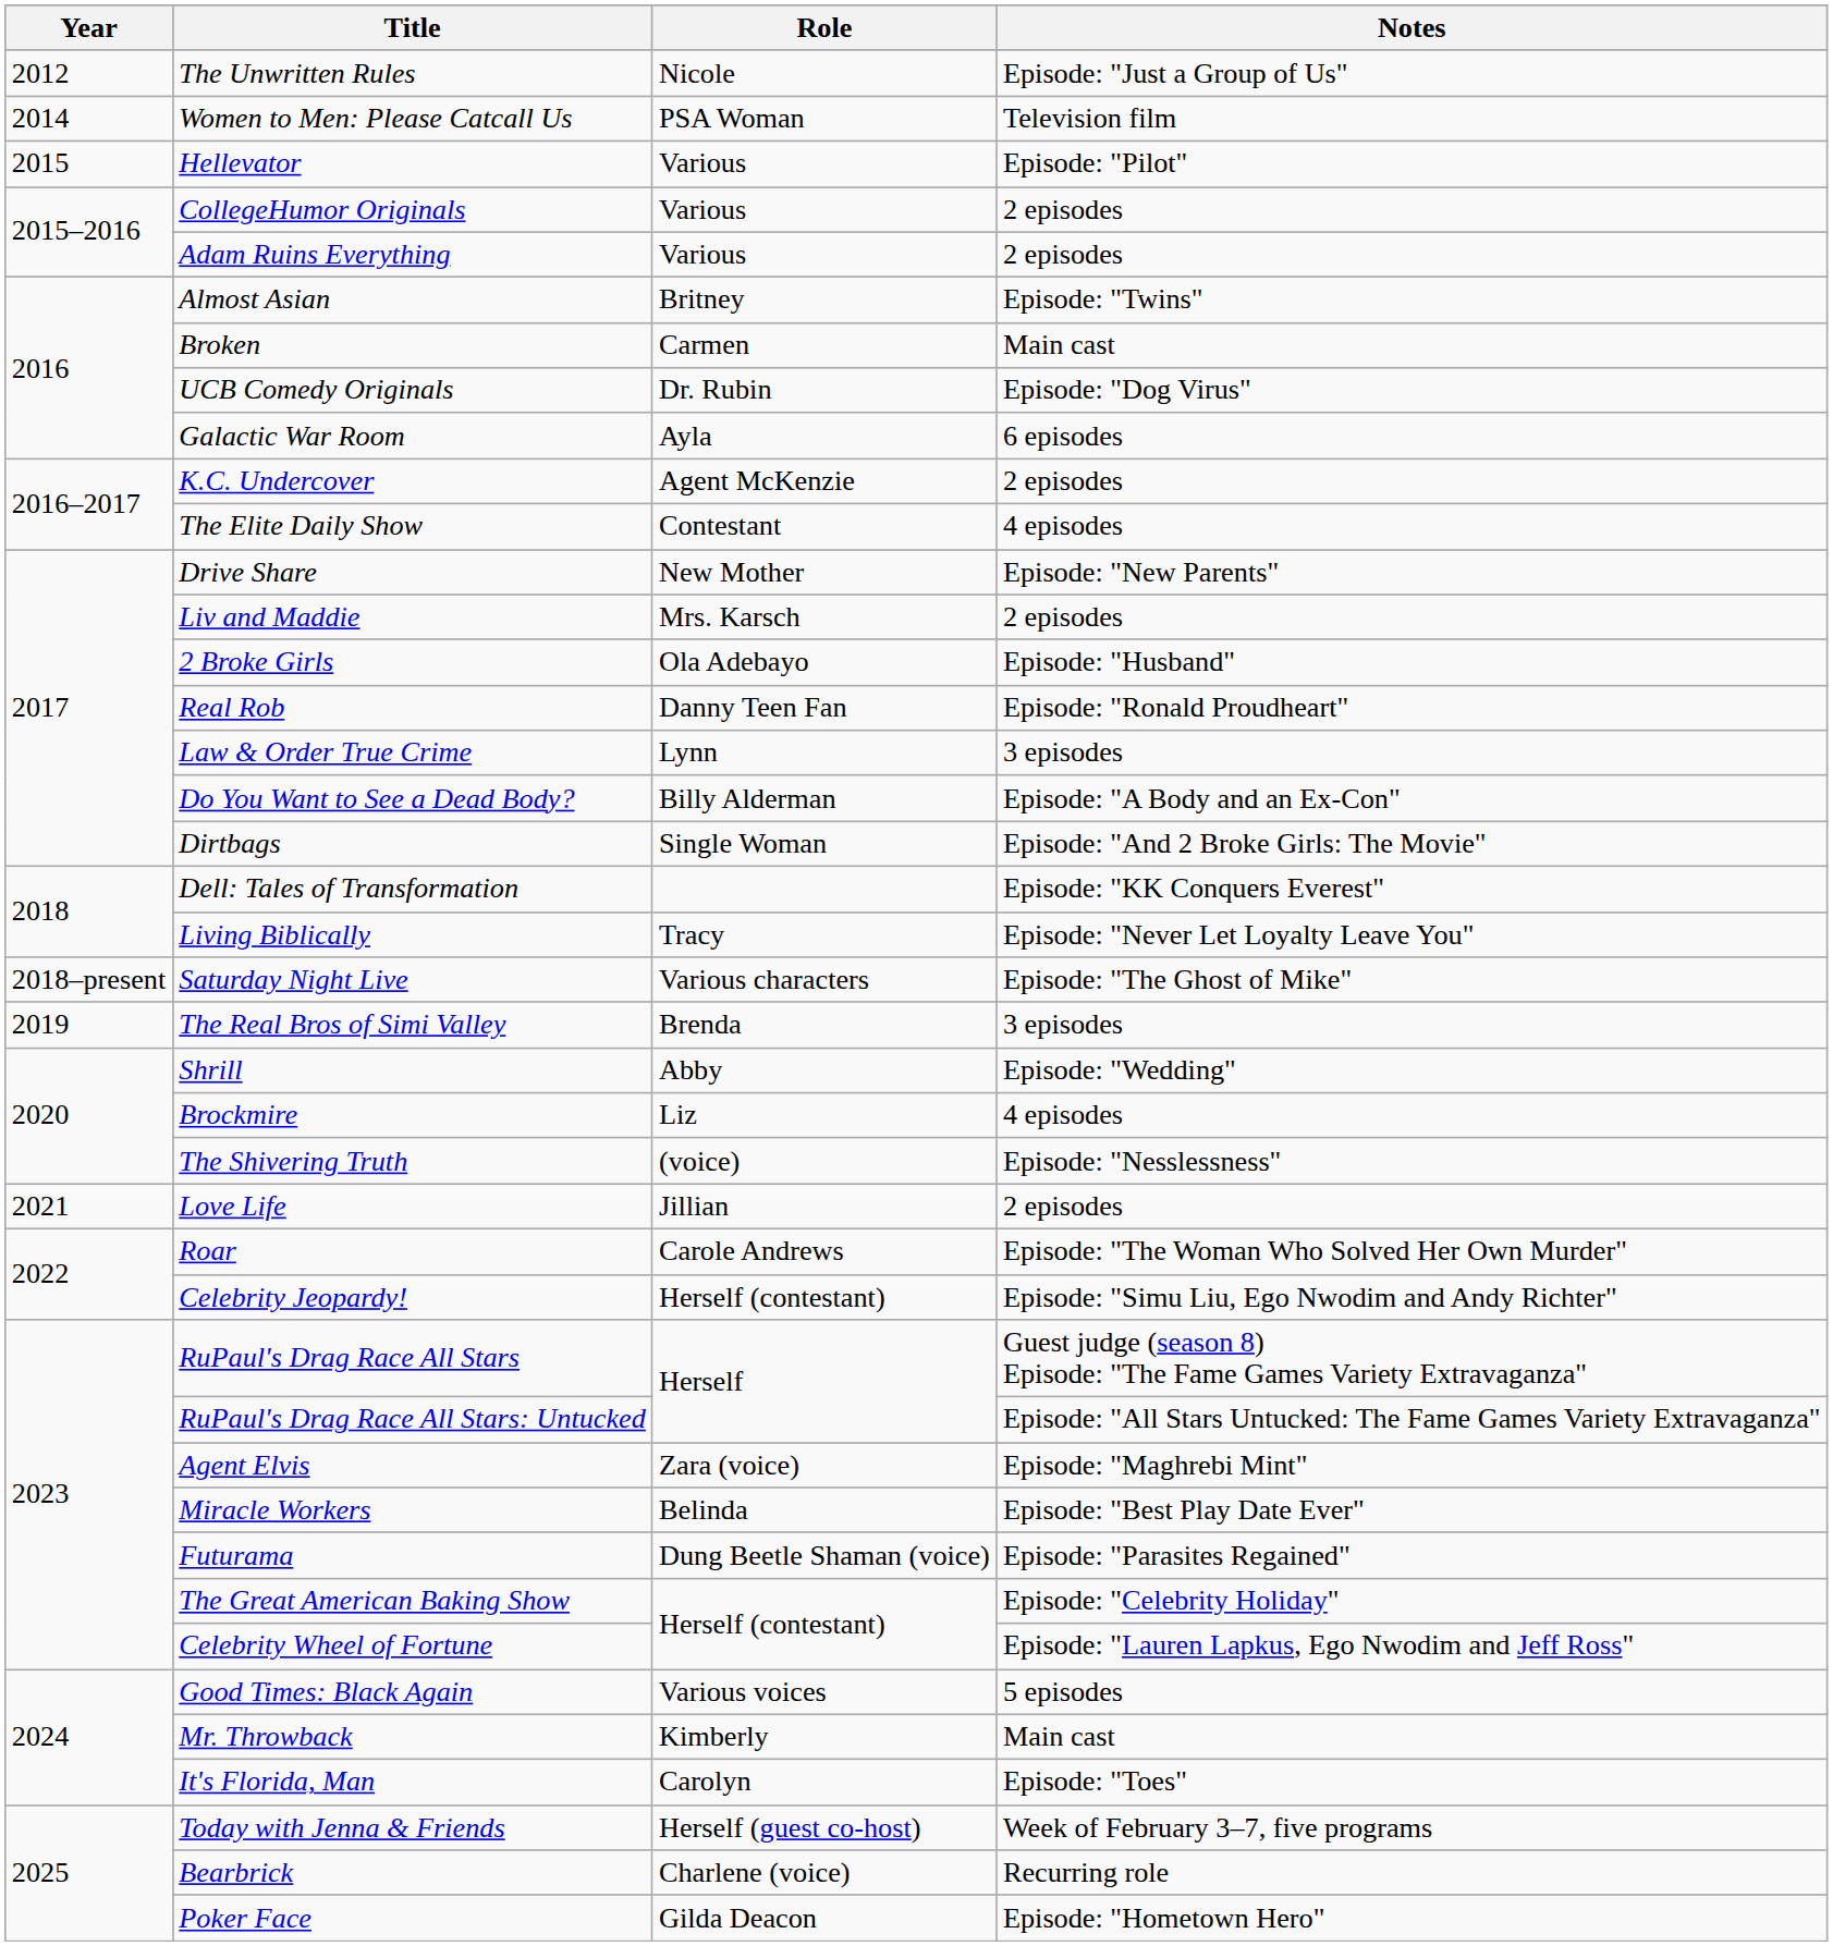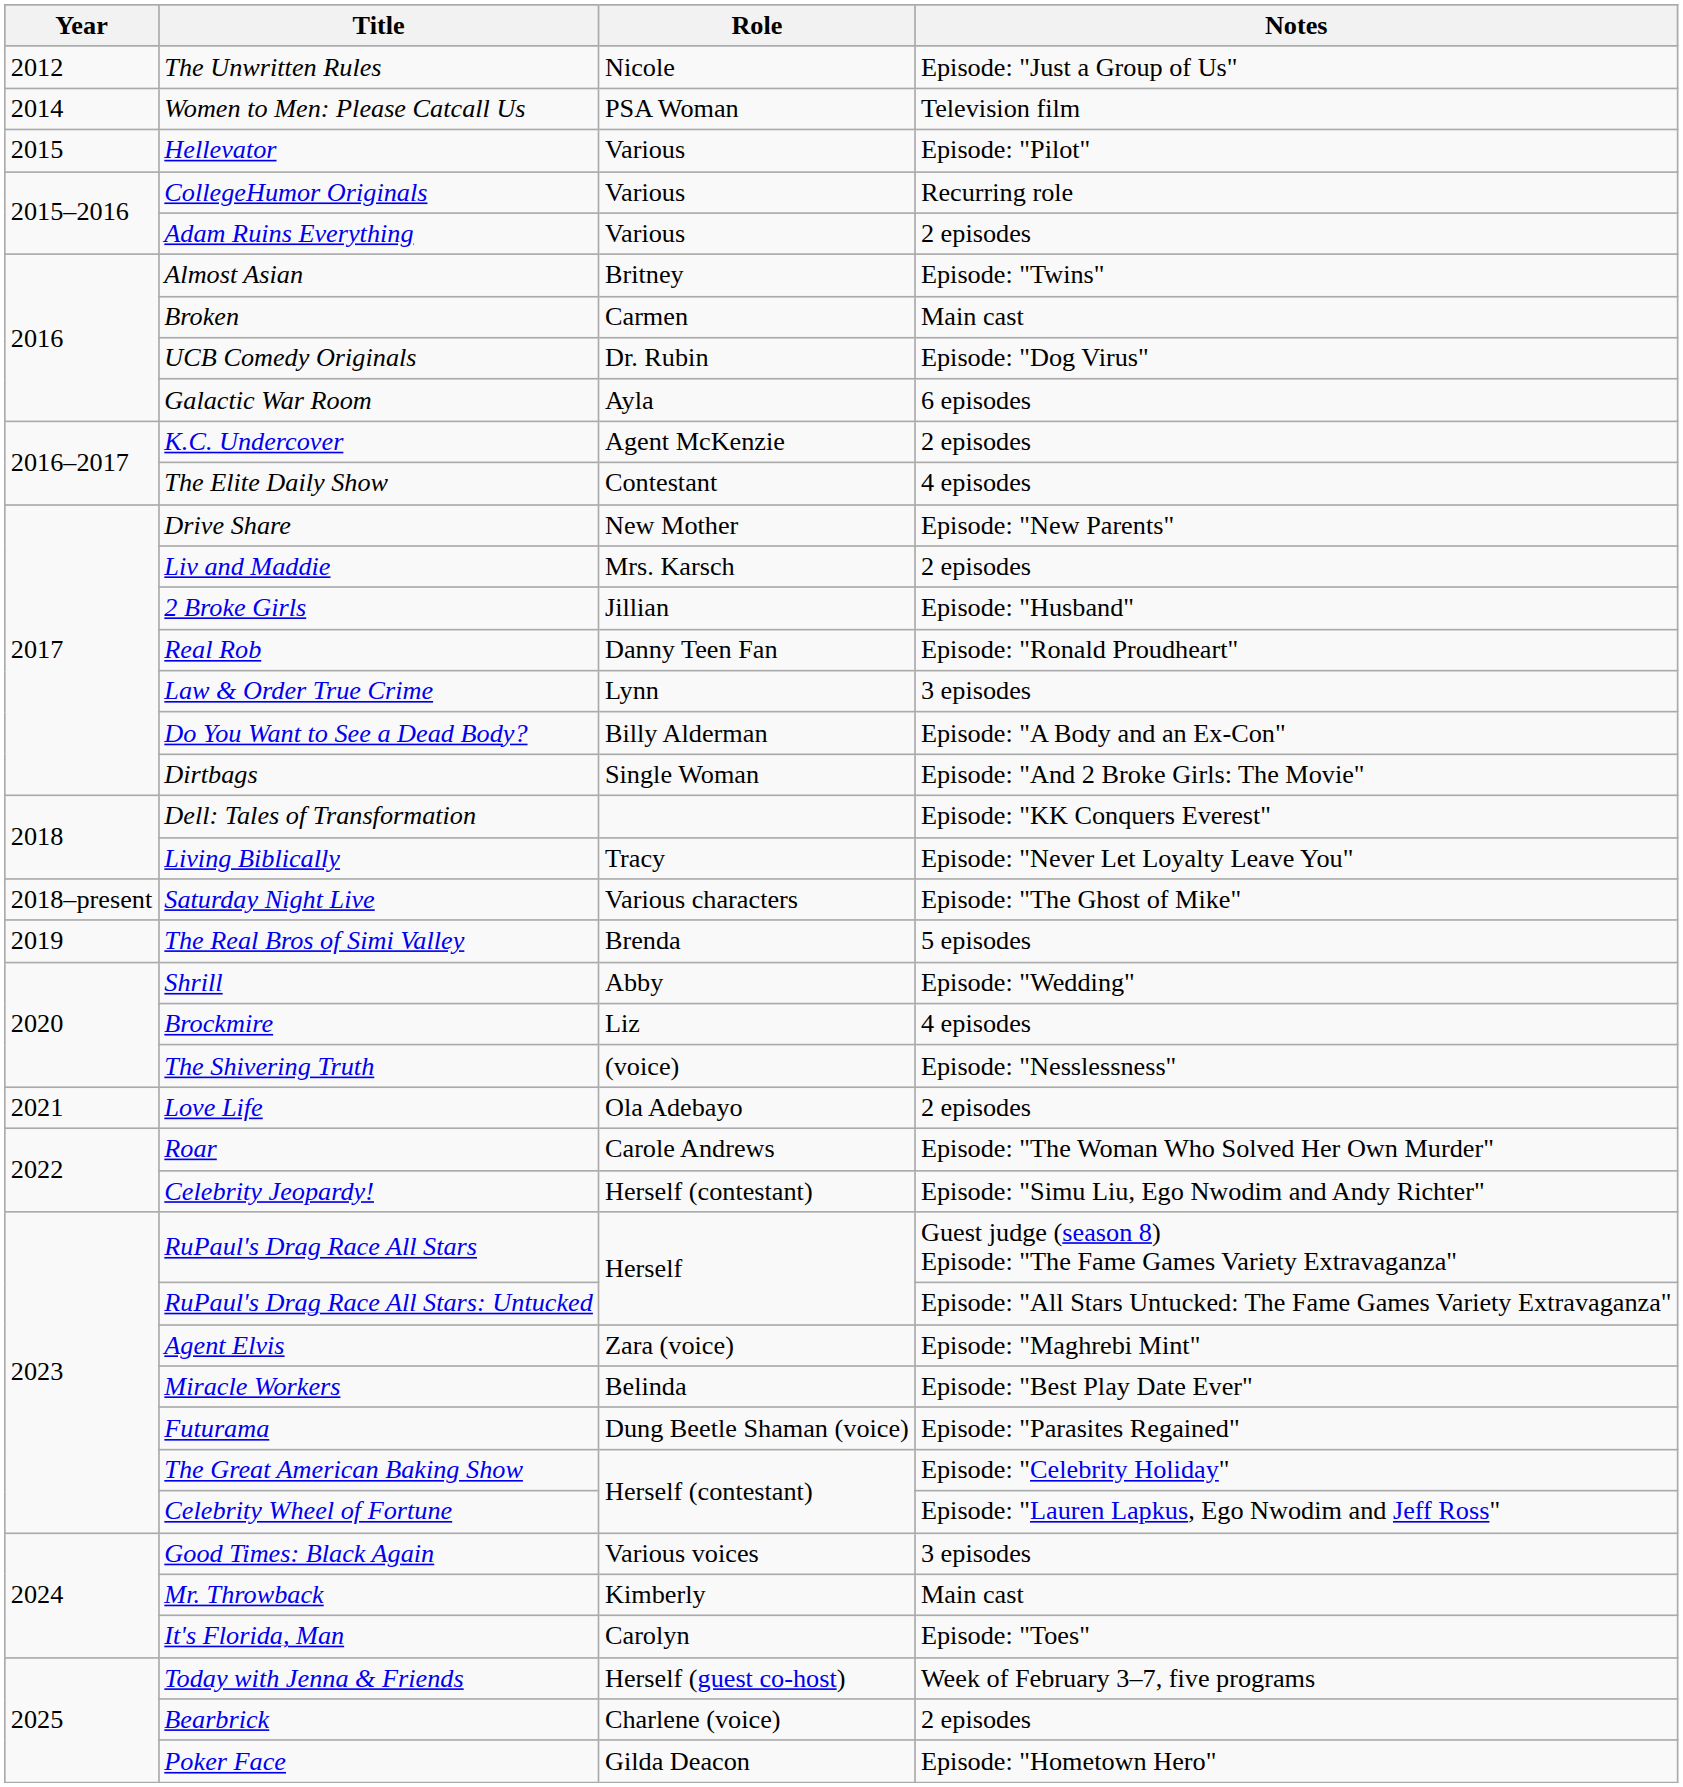 <table class="wikitable">
 <tr style="background:#b0c4de; text-align:center;">
 <th scope="col">Year</th>
 <th scope="col">Title</th>
 <th scope="col">Role</th>
 <th scope="col">Notes</th>
 </tr>
 <tr>
 <td>2012</td>
 <td scope="row"><em>The Unwritten Rules</em></td>
 <td>Nicole</td>
 <td>Episode: "Just a Group of Us"</td>
 </tr>
 <tr>
 <td>2014</td>
 <td scope="row"><em>Women to Men: Please Catcall Us</em></td>
 <td>PSA Woman</td>
 <td>Television film</td>
 </tr>
 <tr>
 <td>2015</td>
 <td scope="row"><em><a href='#'>Hellevator</a></em></td>
 <td>Various</td>
 <td>Episode: "Pilot"</td>
 </tr>
 <tr>
 <td rowspan="2">2015–2016</td>
 <td scope="row"><em><a href='#'>CollegeHumor Originals</a></em></td>
 <td>Various</td>
-<td>2 episodes</td>
+<td>Recurring role</td>
 </tr>
 <tr>
 <td><em><a href='#'>Adam Ruins Everything</a></em></td>
 <td scope="row">Various</td>
 <td>2 episodes</td>
 </tr>
 <tr>
 <td rowspan="4">2016</td>
 <td scope="row"><em>Almost Asian</em></td>
 <td>Britney</td>
 <td>Episode: "Twins"</td>
 </tr>
 <tr>
 <td><em>Broken</em></td>
 <td scope="row">Carmen</td>
 <td>Main cast</td>
 </tr>
 <tr>
 <td scope="row"><em>UCB Comedy Originals</em></td>
 <td>Dr. Rubin</td>
 <td>Episode: "Dog Virus"</td>
 </tr>
 <tr>
 <td scope="row"><em>Galactic War Room</em></td>
 <td>Ayla</td>
 <td>6 episodes</td>
 </tr>
 <tr>
 <td rowspan="2">2016–2017</td>
 <td scope="row"><em><a href='#'>K.C. Undercover</a></em></td>
 <td>Agent McKenzie</td>
 <td>2 episodes</td>
 </tr>
 <tr>
 <td scope="row"><em>The Elite Daily Show</em></td>
 <td>Contestant</td>
 <td>4 episodes</td>
 </tr>
 <tr>
 <td rowspan="7">2017</td>
 <td scope="row"><em>Drive Share</em></td>
 <td>New Mother</td>
 <td>Episode: "New Parents"</td>
 </tr>
 <tr>
 <td scope="row"><em><a href='#'>Liv and Maddie</a></em></td>
 <td>Mrs. Karsch</td>
 <td>2 episodes</td>
 </tr>
 <tr>
 <td scope="row"><em><a href='#'>2 Broke Girls</a></em></td>
-<td>Ola Adebayo</td>
+<td>Jillian</td>
 <td>Episode: "Husband"</td>
 </tr>
 <tr>
 <td scope="row"><em><a href='#'>Real Rob</a></em></td>
 <td>Danny Teen Fan</td>
 <td>Episode: "Ronald Proudheart"</td>
 </tr>
 <tr>
 <td scope="row"><em><a href='#'>Law & Order True Crime</a></em></td>
 <td>Lynn</td>
 <td>3 episodes</td>
 </tr>
 <tr>
 <td scope="row"><em><a href='#'>Do You Want to See a Dead Body?</a></em></td>
 <td>Billy Alderman</td>
 <td>Episode: "A Body and an Ex-Con"</td>
 </tr>
 <tr>
 <td scope="row"><em>Dirtbags</em></td>
 <td>Single Woman</td>
 <td>Episode: "And 2 Broke Girls: The Movie"</td>
 </tr>
 <tr>
 <td rowspan="2">2018</td>
 <td scope="row"><em>Dell: Tales of Transformation</em></td>
 <td></td>
 <td>Episode: "KK Conquers Everest"</td>
 </tr>
 <tr>
 <td scope="row"><em><a href='#'>Living Biblically</a></em></td>
 <td>Tracy</td>
 <td>Episode: "Never Let Loyalty Leave You"</td>
 </tr>
 <tr>
 <td>2018–present</td>
 <td scope="row"><em><a href='#'>Saturday Night Live</a></em></td>
 <td>Various characters</td>
 <td>Episode: "The Ghost of Mike"</td>
 </tr>
 <tr>
 <td>2019</td>
 <td scope="row"><em><a href='#'>The Real Bros of Simi Valley</a></em></td>
 <td>Brenda</td>
-<td>3 episodes</td>
+<td>5 episodes</td>
 </tr>
 <tr>
 <td rowspan="3">2020</td>
 <td scope="row"><em><a href='#'>Shrill</a></em></td>
 <td>Abby</td>
 <td>Episode: "Wedding"</td>
 </tr>
 <tr>
 <td scope="row"><em><a href='#'>Brockmire</a></em></td>
 <td>Liz</td>
 <td>4 episodes</td>
 </tr>
 <tr>
 <td scope="row"><em><a href='#'>The Shivering Truth</a></em></td>
 <td>(voice)</td>
 <td>Episode: "Nesslessness"</td>
 </tr>
 <tr>
 <td>2021</td>
 <td scope="row"><em><a href='#'>Love Life</a></em></td>
-<td>Jillian</td>
+<td>Ola Adebayo</td>
 <td>2 episodes</td>
 </tr>
 <tr>
 <td rowspan="2">2022</td>
 <td scope="row"><em><a href='#'>Roar</a></em></td>
 <td>Carole Andrews</td>
 <td>Episode: "The Woman Who Solved Her Own Murder"</td>
 </tr>
 <tr>
 <td scope="row"><em><a href='#'>Celebrity Jeopardy!</a></em></td>
 <td>Herself (contestant)</td>
 <td>Episode: "Simu Liu, Ego Nwodim and Andy Richter"</td>
 </tr>
 <tr>
 <td rowspan="7">2023</td>
 <td scope="row"><em><a href='#'>RuPaul's Drag Race All Stars</a></em></td>
 <td rowspan="2">Herself</td>
 <td>Guest judge (<a href='#'>season 8</a>)<br>Episode: "The Fame Games Variety Extravaganza"</td>
 </tr>
 <tr>
 <td scope="row"><em><a href='#'>RuPaul's Drag Race All Stars: Untucked</a></em></td>
 <td>Episode: "All Stars Untucked: The Fame Games Variety Extravaganza"</td>
 </tr>
 <tr>
 <td scope="row"><em><a href='#'>Agent Elvis</a></em></td>
 <td>Zara (voice)</td>
 <td>Episode: "Maghrebi Mint"</td>
 </tr>
 <tr>
 <td scope="row"><em><a href='#'>Miracle Workers</a></em></td>
 <td>Belinda</td>
 <td>Episode: "Best Play Date Ever"</td>
 </tr>
 <tr>
 <td scope="row"><em><a href='#'>Futurama</a></em></td>
 <td>Dung Beetle Shaman (voice)</td>
 <td>Episode: "Parasites Regained"</td>
 </tr>
 <tr>
 <td scope="row"><em><a href='#'>The Great American Baking Show</a></em></td>
 <td rowspan="2">Herself (contestant)</td>
 <td>Episode: "<a href='#'>Celebrity Holiday</a>"</td>
 </tr>
 <tr>
 <td scope="row"><em><a href='#'>Celebrity Wheel of Fortune</a></em></td>
 <td>Episode: "<a href='#'>Lauren Lapkus</a>, Ego Nwodim and <a href='#'>Jeff Ross</a>"</td>
 </tr>
 <tr>
 <td rowspan="3">2024</td>
 <td scope="row"><em><a href='#'>Good Times: Black Again</a></em></td>
 <td>Various voices</td>
-<td>5 episodes</td>
+<td>3 episodes</td>
 </tr>
 <tr>
 <td scope="row"><em><a href='#'>Mr. Throwback</a></em></td>
 <td>Kimberly</td>
 <td>Main cast</td>
 </tr>
 <tr>
 <td scope="row"><em><a href='#'>It's Florida, Man</a></em></td>
 <td>Carolyn</td>
 <td>Episode: "Toes"</td>
 </tr>
 <tr>
 <td rowspan="3">2025</td>
 <td><em><a href='#'>Today with Jenna & Friends</a></em></td>
 <td>Herself (<a href='#'>guest co-host</a>)</td>
 <td>Week of February 3–7, five programs</td>
 </tr>
 <tr>
 <td scope="row"><a href='#'><em>Bearbrick</em></a></td>
 <td>Charlene (voice)</td>
-<td>Recurring role</td>
+<td>2 episodes</td>
 </tr>
 <tr>
 <td scope="row"><a href='#'><em>Poker Face</em></a></td>
 <td>Gilda Deacon</td>
 <td>Episode: "Hometown Hero"</td>
 </tr>
 </table>
